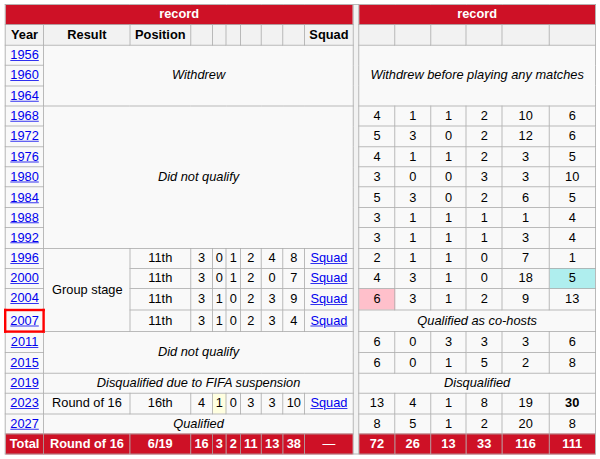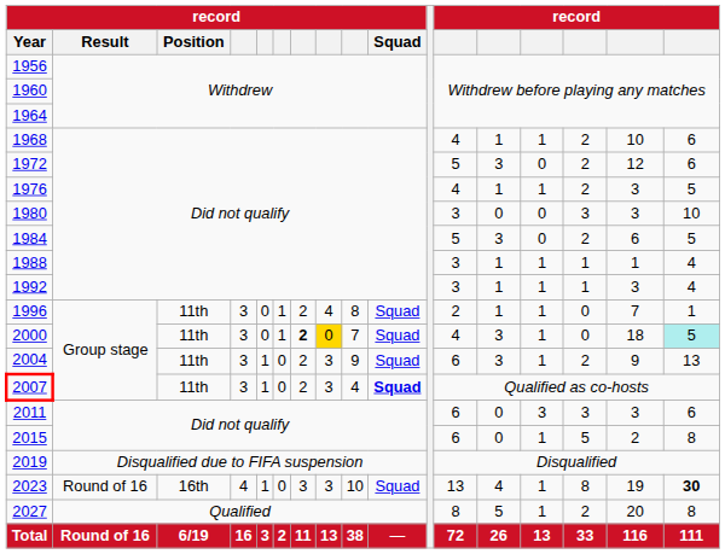 <table class="wikitable" style="text-align: center;">
 <tr>
 <th colspan=10 style="background: #CE1126; color: #FFFFFF;"><a href='#'></a> record</th>
 <th style="width:1%;" rowspan=22></th>
 <th colspan=7 style="background: #CE1126; color: #FFFFFF;"><a href='#'></a> record</th>
 </tr>
 <tr>
 <th>Year</th>
 <th>Result</th>
 <th>Position</th>
 <th></th>
 <th></th>
 <th></th>
 <th></th>
 <th></th>
 <th></th>
 <th>Squad</th>
 <th></th>
 <th></th>
 <th></th>
 <th></th>
 <th></th>
 <th></th>
 </tr>
 <tr>
 <td> <a href='#'>1956</a></td>
 <td colspan=9 rowspan=3><em>Withdrew</em></td>
 <td colspan=7 rowspan=3><em>Withdrew before playing any matches</em></td>
 </tr>
 <tr>
 <td> <a href='#'>1960</a></td>
 </tr>
 <tr>
 <td> <a href='#'>1964</a></td>
 </tr>
 <tr>
 <td> <a href='#'>1968</a></td>
 <td colspan=9 rowspan=7><em>Did not qualify</em></td>
 <td>4</td>
 <td>1</td>
 <td>1</td>
 <td>2</td>
 <td>10</td>
 <td>6</td>
 </tr>
 <tr>
 <td> <a href='#'>1972</a></td>
 <td>5</td>
 <td>3</td>
 <td>0</td>
 <td>2</td>
 <td>12</td>
 <td>6</td>
 </tr>
 <tr>
 <td> <a href='#'>1976</a></td>
 <td>4</td>
 <td>1</td>
 <td>1</td>
 <td>2</td>
 <td>3</td>
 <td>5</td>
 </tr>
 <tr>
 <td> <a href='#'>1980</a></td>
 <td>3</td>
 <td>0</td>
 <td>0</td>
 <td>3</td>
 <td>3</td>
 <td>10</td>
 </tr>
 <tr>
 <td> <a href='#'>1984</a></td>
 <td>5</td>
 <td>3</td>
 <td>0</td>
 <td>2</td>
 <td>6</td>
 <td>5</td>
 </tr>
 <tr>
 <td> <a href='#'>1988</a></td>
 <td>3</td>
 <td>1</td>
 <td>1</td>
 <td>1</td>
 <td>1</td>
 <td>4</td>
 </tr>
 <tr>
 <td> <a href='#'>1992</a></td>
 <td>3</td>
 <td>1</td>
 <td>1</td>
 <td>1</td>
 <td>3</td>
 <td>4</td>
 </tr>
 <tr>
 <td> <a href='#'>1996</a></td>
 <td rowspan=4>Group stage</td>
 <td>11th</td>
 <td>3</td>
 <td>0</td>
 <td>1</td>
 <td>2</td>
 <td>4</td>
 <td>8</td>
 <td><a href='#'>Squad</a></td>
 <td>2</td>
 <td>1</td>
 <td>1</td>
 <td>0</td>
 <td>7</td>
 <td>1</td>
 </tr>
 <tr>
 <td> <a href='#'>2000</a></td>
 <td>11th</td>
 <td>3</td>
 <td>0</td>
 <td>1</td>
-<td>2</td>
-<td>0</td>
+<td><strong>2</strong></td>
+<td style="background: gold;">0</td>
 <td>7</td>
 <td><a href='#'>Squad</a></td>
 <td>4</td>
 <td>3</td>
 <td>1</td>
 <td>0</td>
 <td>18</td>
 <td style="background: paleturquoise;">5</td>
 </tr>
 <tr>
 <td> <a href='#'>2004</a></td>
 <td>11th</td>
 <td>3</td>
 <td>1</td>
 <td>0</td>
 <td>2</td>
 <td>3</td>
 <td>9</td>
 <td><a href='#'>Squad</a></td>
-<td style="background: pink;">6</td>
+<td>6</td>
 <td>3</td>
 <td>1</td>
 <td>2</td>
 <td>9</td>
 <td>13</td>
 </tr>
 <tr>
 <td style="border: 3px solid red">    <a href='#'>2007</a></td>
 <td>11th</td>
 <td>3</td>
 <td>1</td>
 <td>0</td>
 <td>2</td>
 <td>3</td>
 <td>4</td>
-<td><a href='#'>Squad</a></td>
+<td><strong><a href='#'>Squad</a></strong></td>
 <td colspan=7><em>Qualified as co-hosts</em></td>
 </tr>
 <tr>
 <td> <a href='#'>2011</a></td>
 <td colspan=9 rowspan=2><em>Did not qualify</em></td>
 <td>6</td>
 <td>0</td>
 <td>3</td>
 <td>3</td>
 <td>3</td>
 <td>6</td>
 </tr>
 <tr>
 <td> <a href='#'>2015</a></td>
 <td>6</td>
 <td>0</td>
 <td>1</td>
 <td>5</td>
 <td>2</td>
 <td>8</td>
 </tr>
 <tr>
 <td> <a href='#'>2019</a></td>
 <td colspan=9><em>Disqualified due to FIFA suspension</em></td>
 <td colspan=7><em>Disqualified</em></td>
 </tr>
 <tr>
 <td> <a href='#'>2023</a></td>
 <td>Round of 16</td>
 <td>16th</td>
 <td>4</td>
-<td style="background: lightyellow;">1</td>
+<td>1</td>
 <td>0</td>
 <td>3</td>
 <td>3</td>
 <td>10</td>
 <td><a href='#'>Squad</a></td>
 <td>13</td>
 <td>4</td>
 <td>1</td>
 <td>8</td>
 <td>19</td>
 <td><strong>30</strong></td>
 </tr>
 <tr>
 <td> <a href='#'>2027</a></td>
 <td colspan=9><em>Qualified</em></td>
 <td>8</td>
 <td>5</td>
 <td>1</td>
 <td>2</td>
 <td>20</td>
 <td>8</td>
 </tr>
 <tr>
 <td style="background: #CE1126; color: #FFFFFF;"><strong>Total</strong></td>
 <td style="background: #CE1126; color: #FFFFFF;"><strong>Round of 16</strong></td>
 <td style="background: #CE1126; color: #FFFFFF;"><strong>6/19</strong></td>
 <td style="background: #CE1126; color: #FFFFFF;"><strong>16</strong></td>
 <td style="background: #CE1126; color: #FFFFFF;"><strong>3</strong></td>
 <td style="background: #CE1126; color: #FFFFFF;"><strong>2</strong></td>
 <td style="background: #CE1126; color: #FFFFFF;"><strong>11</strong></td>
 <td style="background: #CE1126; color: #FFFFFF;"><strong>13</strong></td>
 <td style="background: #CE1126; color: #FFFFFF;"><strong>38</strong></td>
 <td style="background: #CE1126; color: #FFFFFF;">—</td>
 <td style="background: #CE1126; color: #FFFFFF;"><strong>72</strong></td>
 <td style="background: #CE1126; color: #FFFFFF;"><strong>26</strong></td>
 <td style="background: #CE1126; color: #FFFFFF;"><strong>13</strong></td>
 <td style="background: #CE1126; color: #FFFFFF;"><strong>33</strong></td>
 <td style="background: #CE1126; color: #FFFFFF;"><strong>116</strong></td>
 <td style="background: #CE1126; color: #FFFFFF;"><strong>111</strong></td>
 </tr>
 </table>
